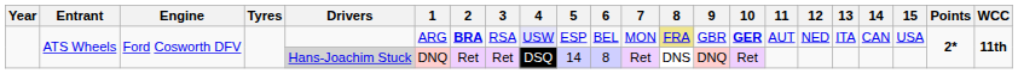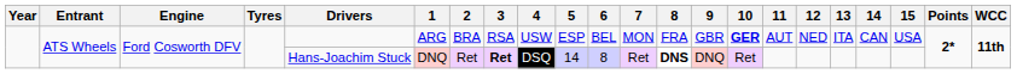 <table class="wikitable" style="text-align:center; font-size:95%">
 <tr>
 <th>Year</th>
 <th>Entrant</th>
 <th>Engine</th>
 <th>Tyres</th>
 <th>Drivers</th>
 <th>1</th>
 <th>2</th>
 <th>3</th>
 <th>4</th>
 <th>5</th>
 <th>6</th>
 <th>7</th>
 <th>8</th>
 <th>9</th>
 <th>10</th>
 <th>11</th>
 <th>12</th>
 <th>13</th>
 <th>14</th>
 <th>15</th>
 <th>Points</th>
 <th>WCC</th>
 </tr>
 <tr>
 <td rowspan="2"></td>
 <td rowspan="2"><a href='#'>ATS Wheels</a></td>
 <td rowspan="2"><a href='#'>Ford</a> <a href='#'>Cosworth DFV</a></td>
 <td rowspan="2"></td>
 <td></td>
 <td><a href='#'>ARG</a></td>
-<td><strong><a href='#'>BRA</a></strong></td>
+<td><a href='#'>BRA</a></td>
 <td><a href='#'>RSA</a></td>
-<td style="background: lavender;"><a href='#'>USW</a></td>
+<td><a href='#'>USW</a></td>
 <td><a href='#'>ESP</a></td>
 <td><a href='#'>BEL</a></td>
 <td><a href='#'>MON</a></td>
-<td style="background: khaki;"><a href='#'>FRA</a></td>
+<td><a href='#'>FRA</a></td>
 <td><a href='#'>GBR</a></td>
 <td><strong><a href='#'>GER</a></strong></td>
 <td><a href='#'>AUT</a></td>
 <td><a href='#'>NED</a></td>
 <td><a href='#'>ITA</a></td>
 <td><a href='#'>CAN</a></td>
 <td><a href='#'>USA</a></td>
 <td rowspan="2"><strong>2*</strong></td>
 <td rowspan="2"><strong>11th</strong></td>
 </tr>
 <tr>
-<td align="left" style="background: lightgrey;"> <a href='#'>Hans-Joachim Stuck</a></td>
+<td align="left"> <a href='#'>Hans-Joachim Stuck</a></td>
 <td style="background:#FFCFCF;">DNQ</td>
 <td style="background:#EFCFFF;">Ret</td>
-<td style="background:#EFCFFF;">Ret</td>
+<td style="background:#EFCFFF;"><strong>Ret</strong></td>
 <td style="background:#000000; color:white">DSQ</td>
 <td style="background:#cfcfff;">14</td>
 <td style="background:#cfcfff;">8</td>
 <td style="background:#EFCFFF;">Ret</td>
-<td style="background:#FFFFFF;">DNS</td>
+<td style="background:#FFFFFF;"><strong>DNS</strong></td>
 <td style="background:#FFCFCF;">DNQ</td>
 <td style="background:#EFCFFF;">Ret</td>
 <td></td>
 <td></td>
 <td></td>
 <td></td>
 <td></td>
 </tr>
 </table>
